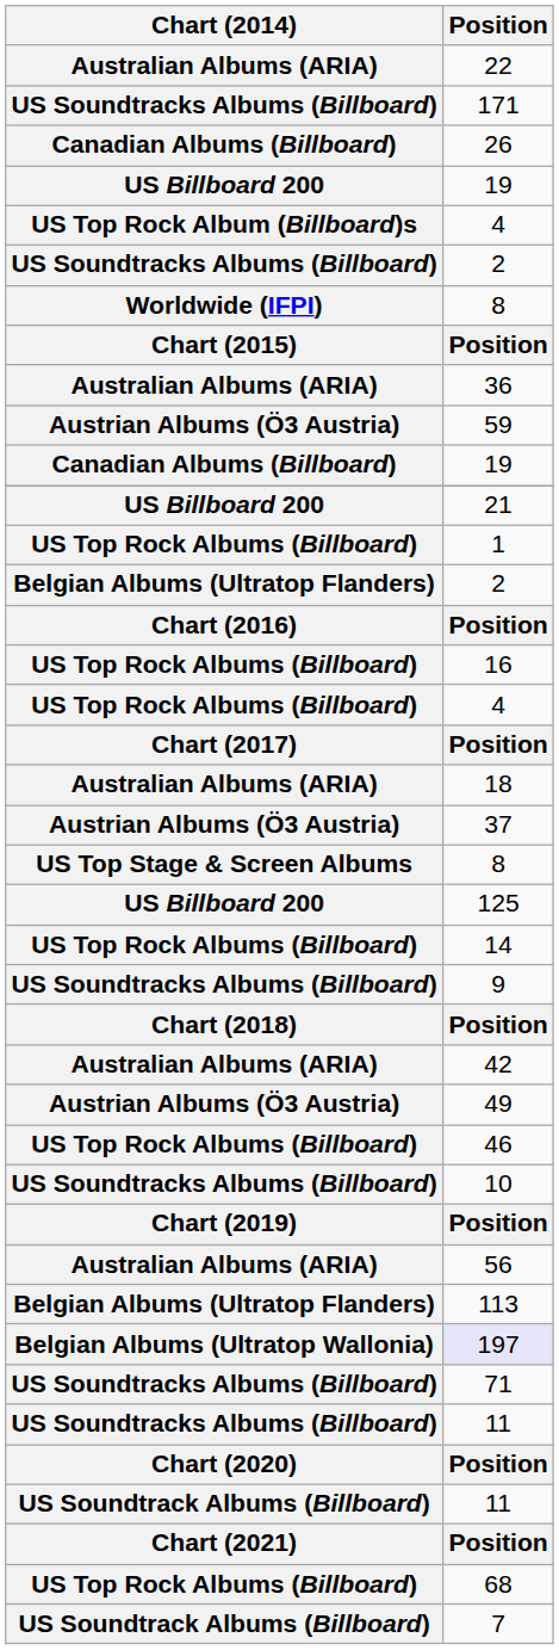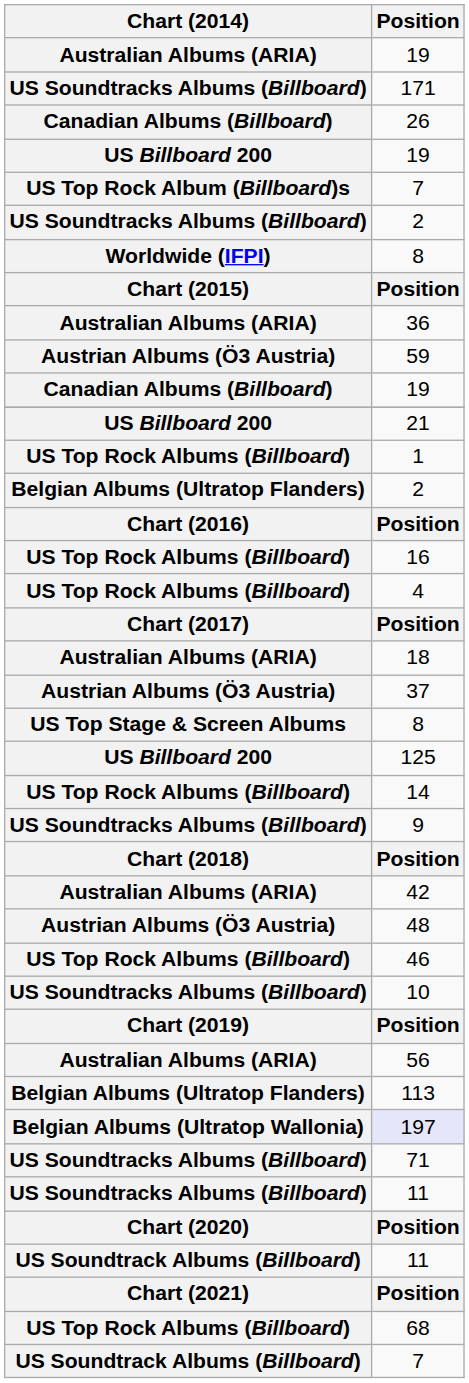 <table class="wikitable sortable plainrowheaders" style="text-align:center">
 <tr>
 <th scope="col">Chart (2014)</th>
 <th scope="col">Position</th>
 </tr>
 <tr>
 <th scope="row">Australian Albums (ARIA)</th>
-<td>22</td>
+<td>19</td>
 </tr>
 <tr>
 <th scope="row">US Soundtracks Albums (<em>Billboard</em>)</th>
 <td>171</td>
 </tr>
 <tr>
 <th scope="row">Canadian Albums (<em>Billboard</em>)</th>
 <td>26</td>
 </tr>
 <tr>
 <th scope="row">US <em>Billboard</em> 200</th>
 <td>19</td>
 </tr>
 <tr>
 <th scope="row">US Top Rock Album (<em>Billboard</em>)s</th>
-<td>4</td>
+<td>7</td>
 </tr>
 <tr>
 <th scope="row">US Soundtracks Albums (<em>Billboard</em>)</th>
 <td>2</td>
 </tr>
 <tr>
 <th scope="row">Worldwide (<a href='#'>IFPI</a>)</th>
 <td>8</td>
 </tr>
 <tr>
 <th scope="col">Chart (2015)</th>
 <th scope="col">Position</th>
 </tr>
 <tr>
 <th scope="row">Australian Albums (ARIA)</th>
 <td>36</td>
 </tr>
 <tr>
 <th scope="row">Austrian Albums (Ö3 Austria)</th>
 <td>59</td>
 </tr>
 <tr>
 <th scope="row">Canadian Albums (<em>Billboard</em>)</th>
 <td>19</td>
 </tr>
 <tr>
 </tr>
 <tr>
 <th scope="row">US <em>Billboard</em> 200</th>
 <td>21</td>
 </tr>
 <tr>
 <th scope="row">US Top Rock Albums (<em>Billboard</em>)</th>
 <td>1</td>
 </tr>
 <tr>
 <th scope="row">Belgian Albums (Ultratop Flanders)</th>
 <td>2</td>
 </tr>
 <tr>
 <th scope="col">Chart (2016)</th>
 <th scope="col">Position</th>
 </tr>
 <tr>
 <th scope="row">US Top Rock Albums (<em>Billboard</em>)</th>
 <td>16</td>
 </tr>
 <tr>
 <th scope="row">US Top Rock Albums (<em>Billboard</em>)</th>
 <td>4</td>
 </tr>
 <tr>
 <th scope="col">Chart (2017)</th>
 <th scope="col">Position</th>
 </tr>
 <tr>
 <th scope="row">Australian Albums (ARIA)</th>
 <td>18</td>
 </tr>
 <tr>
 <th scope="row">Austrian Albums (Ö3 Austria)</th>
 <td>37</td>
 </tr>
 <tr>
 <th scope="row">US Top Stage & Screen Albums </th>
 <td>8</td>
 </tr>
 <tr>
 <th scope="row">US <em>Billboard</em> 200</th>
 <td>125</td>
 </tr>
 <tr>
 <th scope="row">US Top Rock Albums (<em>Billboard</em>)</th>
 <td>14</td>
 </tr>
 <tr>
 <th scope="row">US Soundtracks Albums (<em>Billboard</em>)</th>
 <td>9</td>
 </tr>
 <tr>
 <th scope="col">Chart (2018)</th>
 <th scope="col">Position</th>
 </tr>
 <tr>
 <th scope="row">Australian Albums (ARIA)</th>
 <td>42</td>
 </tr>
 <tr>
 <th scope="row">Austrian Albums (Ö3 Austria)</th>
-<td>49</td>
+<td>48</td>
 </tr>
 <tr>
 <th scope="row">US Top Rock Albums (<em>Billboard</em>)</th>
 <td>46</td>
 </tr>
 <tr>
 <th scope="row">US Soundtracks Albums (<em>Billboard</em>)</th>
 <td>10</td>
 </tr>
 <tr>
 <th scope="col">Chart (2019)</th>
 <th scope="col">Position</th>
 </tr>
 <tr>
 <th scope="row">Australian Albums (ARIA)</th>
 <td>56</td>
 </tr>
 <tr>
 <th scope="row">Belgian Albums (Ultratop Flanders)</th>
 <td>113</td>
 </tr>
 <tr>
 <th scope="row">Belgian Albums (Ultratop Wallonia)</th>
 <td style="background: lavender;">197</td>
 </tr>
 <tr>
 <th scope="row">US Soundtracks Albums (<em>Billboard</em>)</th>
 <td>71</td>
 </tr>
 <tr>
 <th scope="row">US Soundtracks Albums (<em>Billboard</em>)</th>
 <td>11</td>
 </tr>
 <tr>
 <th scope="col">Chart (2020)</th>
 <th scope="col">Position</th>
 </tr>
 <tr>
 <th scope="row">US Soundtrack Albums (<em>Billboard</em>)</th>
 <td>11</td>
 </tr>
 <tr>
 <th scope="col">Chart (2021)</th>
 <th scope="col">Position</th>
 </tr>
 <tr>
 <th scope="row">US Top Rock Albums (<em>Billboard</em>)</th>
 <td>68</td>
 </tr>
 <tr>
 <th scope="row">US Soundtrack Albums (<em>Billboard</em>)</th>
 <td>7</td>
 </tr>
 </table>
